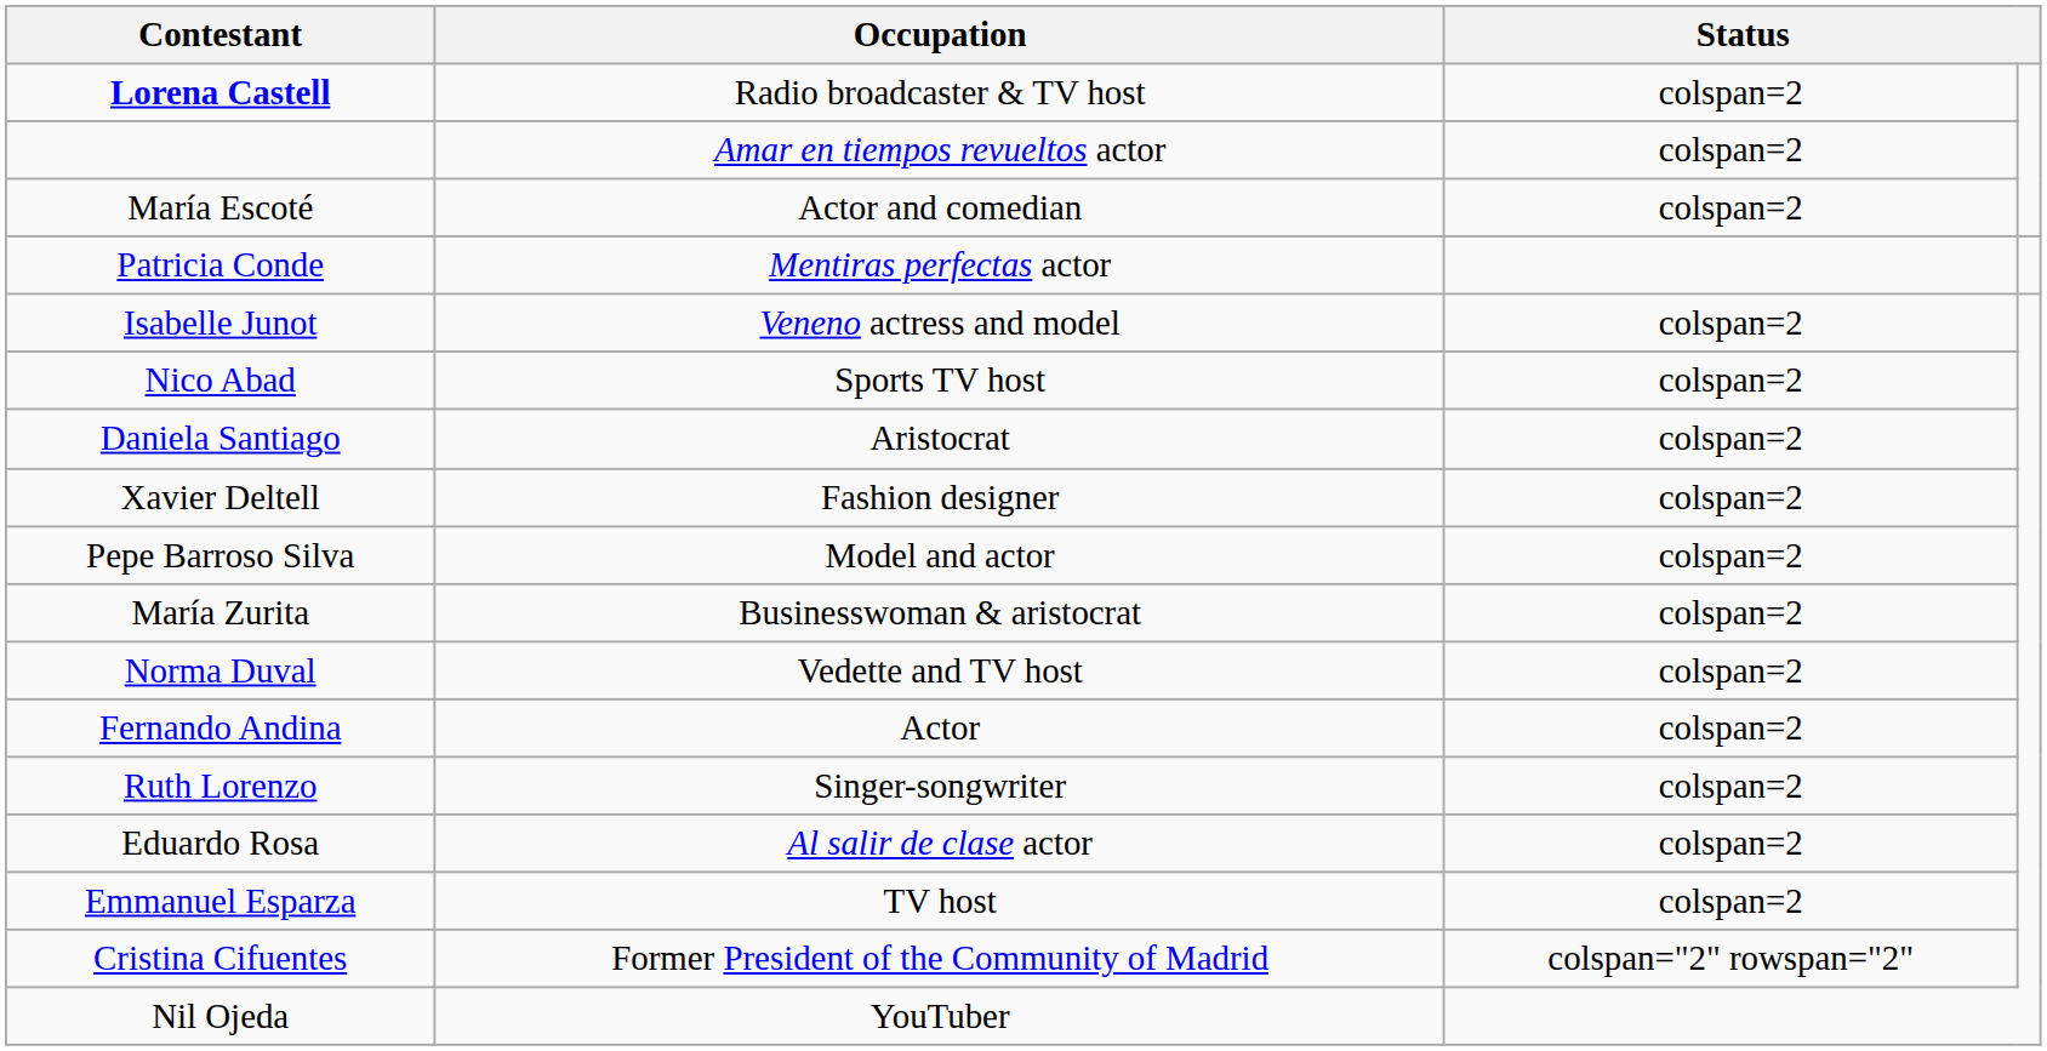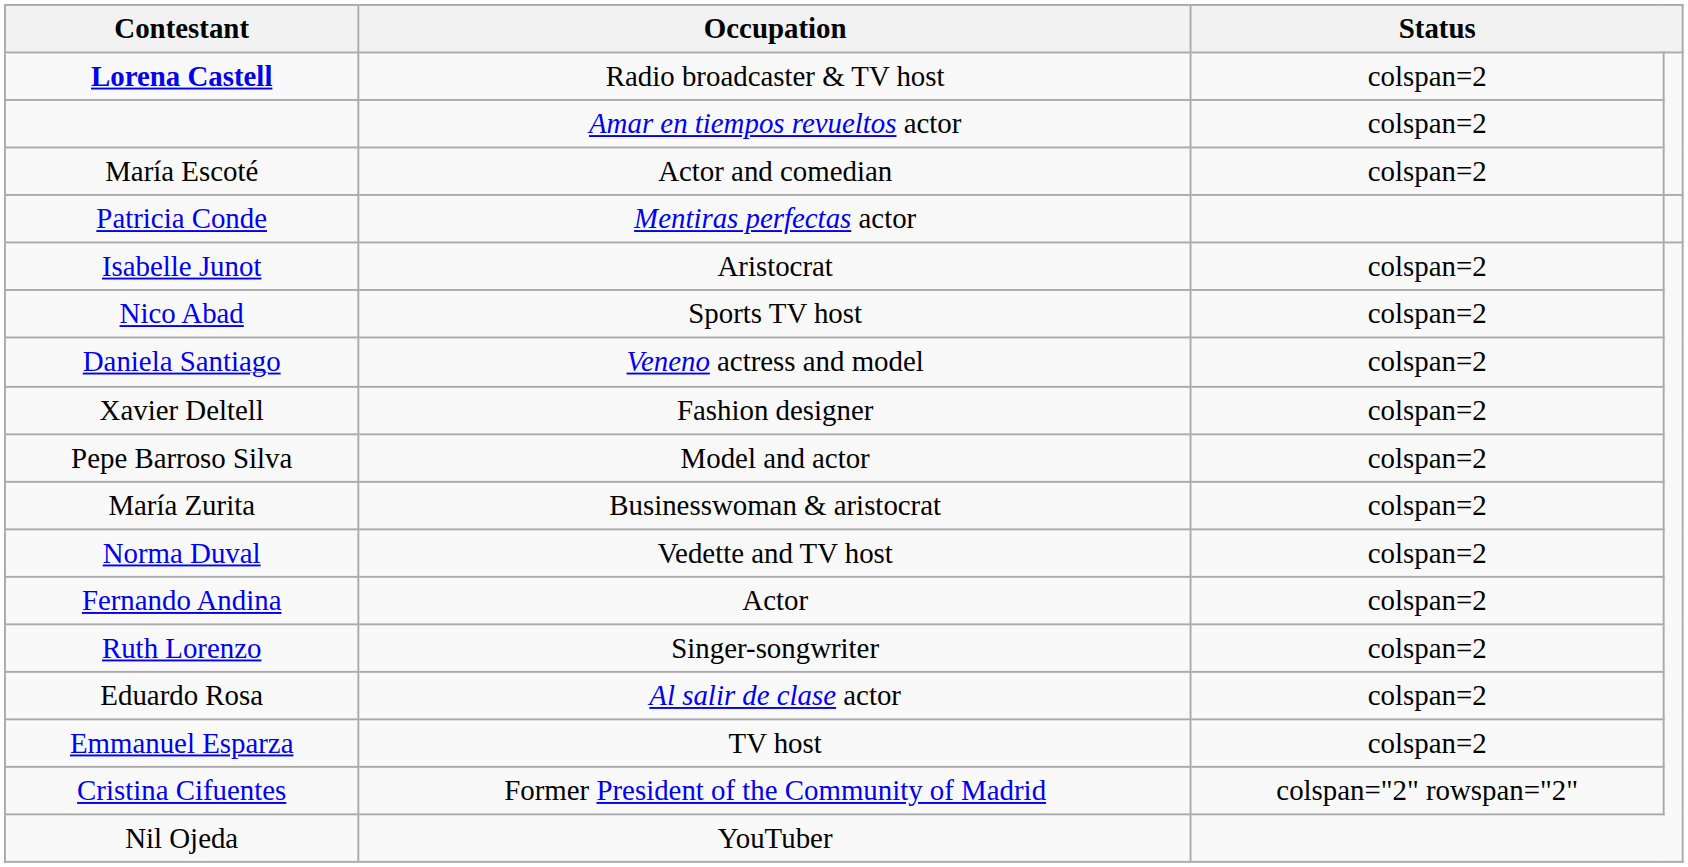 <table class="wikitable" style="margin:auto; text-align:center; width:70%; font-size:95%">
 <tr>
 <th>Contestant</th>
 <th>Occupation</th>
 <th colspan=2>Status</th>
 </tr>
 <tr>
 <td><strong><a href='#'>Lorena Castell</a></strong></td>
 <td>Radio broadcaster & TV host</td>
 <td>colspan=2 </td>
 </tr>
 <tr>
 <td></td>
 <td><em><a href='#'>Amar en tiempos revueltos</a></em> actor</td>
 <td>colspan=2 </td>
 </tr>
 <tr>
 <td>María Escoté</td>
 <td>Actor and comedian</td>
 <td>colspan=2 </td>
 </tr>
 <tr>
 <td><a href='#'>Patricia Conde</a></td>
 <td><em><a href='#'>Mentiras perfectas</a></em> actor</td>
 <td></td>
 <td></td>
 </tr>
 <tr>
 <td><a href='#'>Isabelle Junot</a></td>
-<td><em><a href='#'>Veneno</a></em> actress and model</td>
+<td>Aristocrat</td>
 <td>colspan=2 </td>
 </tr>
 <tr>
 <td><a href='#'>Nico Abad</a></td>
 <td>Sports TV host</td>
 <td>colspan=2 </td>
 </tr>
 <tr>
 <td><a href='#'>Daniela Santiago</a></td>
-<td>Aristocrat</td>
+<td><em><a href='#'>Veneno</a></em> actress and model</td>
 <td>colspan=2 </td>
 </tr>
 <tr>
 <td>Xavier Deltell</td>
 <td>Fashion designer</td>
 <td>colspan=2 </td>
 </tr>
 <tr>
 <td>Pepe Barroso Silva</td>
 <td>Model and actor</td>
 <td>colspan=2 </td>
 </tr>
 <tr>
 <td>María Zurita</td>
 <td>Businesswoman & aristocrat</td>
 <td>colspan=2 </td>
 </tr>
 <tr>
 <td><a href='#'>Norma Duval</a></td>
 <td>Vedette and TV host</td>
 <td>colspan=2 </td>
 </tr>
 <tr>
 <td><a href='#'>Fernando Andina</a></td>
 <td>Actor</td>
 <td>colspan=2 </td>
 </tr>
 <tr>
 <td><a href='#'>Ruth Lorenzo</a></td>
 <td>Singer-songwriter</td>
 <td>colspan=2 </td>
 </tr>
 <tr>
 <td>Eduardo Rosa</td>
 <td><em><a href='#'>Al salir de clase</a></em> actor</td>
 <td>colspan=2 </td>
 </tr>
 <tr>
 <td><a href='#'>Emmanuel Esparza</a></td>
 <td>TV host</td>
 <td>colspan=2 </td>
 </tr>
 <tr>
 <td><a href='#'>Cristina Cifuentes</a></td>
 <td>Former <a href='#'>President of the Community of Madrid</a></td>
 <td>colspan="2" rowspan="2" </td>
 </tr>
 <tr>
 <td>Nil Ojeda</td>
 <td>YouTuber</td>
 </tr>
 </table>
